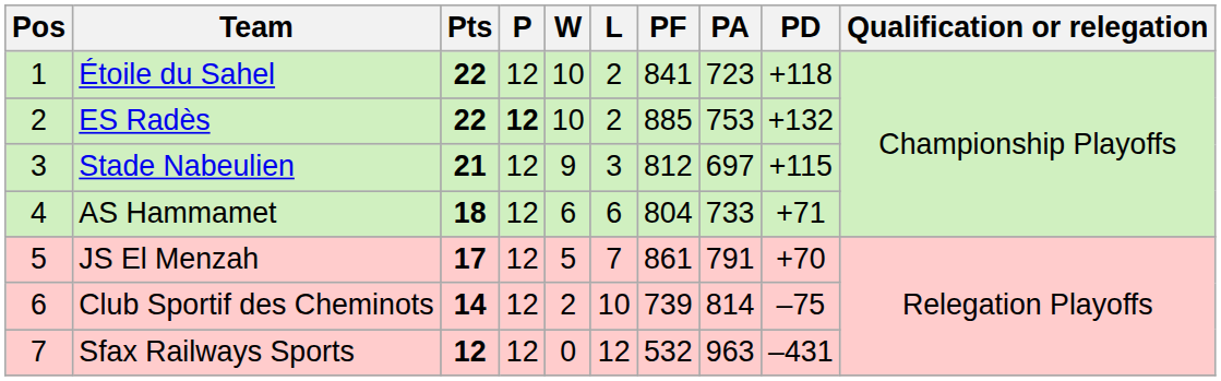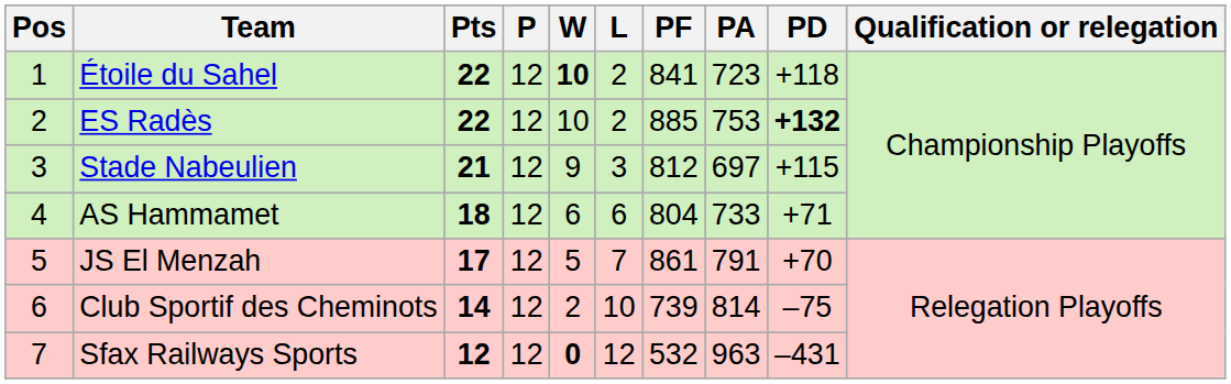 <table class="wikitable sortable"  style="text-align: center;">
 <tr>
 <th>Pos</th>
 <th>Team</th>
 <th>Pts</th>
 <th>P</th>
 <th>W</th>
 <th>L</th>
 <th>PF</th>
 <th>PA</th>
 <th>PD</th>
 <th>Qualification or relegation</th>
 </tr>
 <tr style="background: #D0F0C0;">
 <td>1</td>
 <td style="text-align:left"><a href='#'>Étoile du Sahel</a></td>
 <td><strong>22</strong></td>
 <td>12</td>
-<td>10</td>
+<td><strong>10</strong></td>
 <td>2</td>
 <td>841</td>
 <td>723</td>
 <td>+118</td>
 <td rowspan=4>Championship Playoffs</td>
 </tr>
 <tr style="background: #D0F0C0;">
 <td>2</td>
 <td style="text-align:left"><a href='#'>ES Radès</a></td>
 <td><strong>22</strong></td>
-<td><strong>12</strong></td>
+<td>12</td>
 <td>10</td>
 <td>2</td>
 <td>885</td>
 <td>753</td>
-<td>+132</td>
+<td><strong>+132</strong></td>
 </tr>
 <tr style="background: #D0F0C0;">
 <td>3</td>
 <td style="text-align:left"><a href='#'>Stade Nabeulien</a></td>
 <td><strong>21</strong></td>
 <td>12</td>
 <td>9</td>
 <td>3</td>
 <td>812</td>
 <td>697</td>
 <td>+115</td>
 </tr>
 <tr style="background: #D0F0C0;">
 <td>4</td>
 <td style="text-align:left">AS Hammamet</td>
 <td><strong>18</strong></td>
 <td>12</td>
 <td>6</td>
 <td>6</td>
 <td>804</td>
 <td>733</td>
 <td>+71</td>
 </tr>
 <tr style="background:#FFCCCC">
 <td>5</td>
 <td style="text-align:left">JS El Menzah</td>
 <td><strong>17</strong></td>
 <td>12</td>
 <td>5</td>
 <td>7</td>
 <td>861</td>
 <td>791</td>
 <td>+70</td>
 <td rowspan=3>Relegation Playoffs</td>
 </tr>
 <tr style="background:#FFCCCC">
 <td>6</td>
 <td style="text-align:left">Club Sportif des Cheminots</td>
 <td><strong>14</strong></td>
 <td>12</td>
 <td>2</td>
 <td>10</td>
 <td>739</td>
 <td>814</td>
 <td>–75</td>
 </tr>
 <tr style="background:#FFCCCC">
 <td>7</td>
 <td style="text-align:left">Sfax Railways Sports</td>
 <td><strong>12</strong></td>
 <td>12</td>
-<td>0</td>
+<td><strong>0</strong></td>
 <td>12</td>
 <td>532</td>
 <td>963</td>
 <td>–431</td>
 </tr>
 </table>
